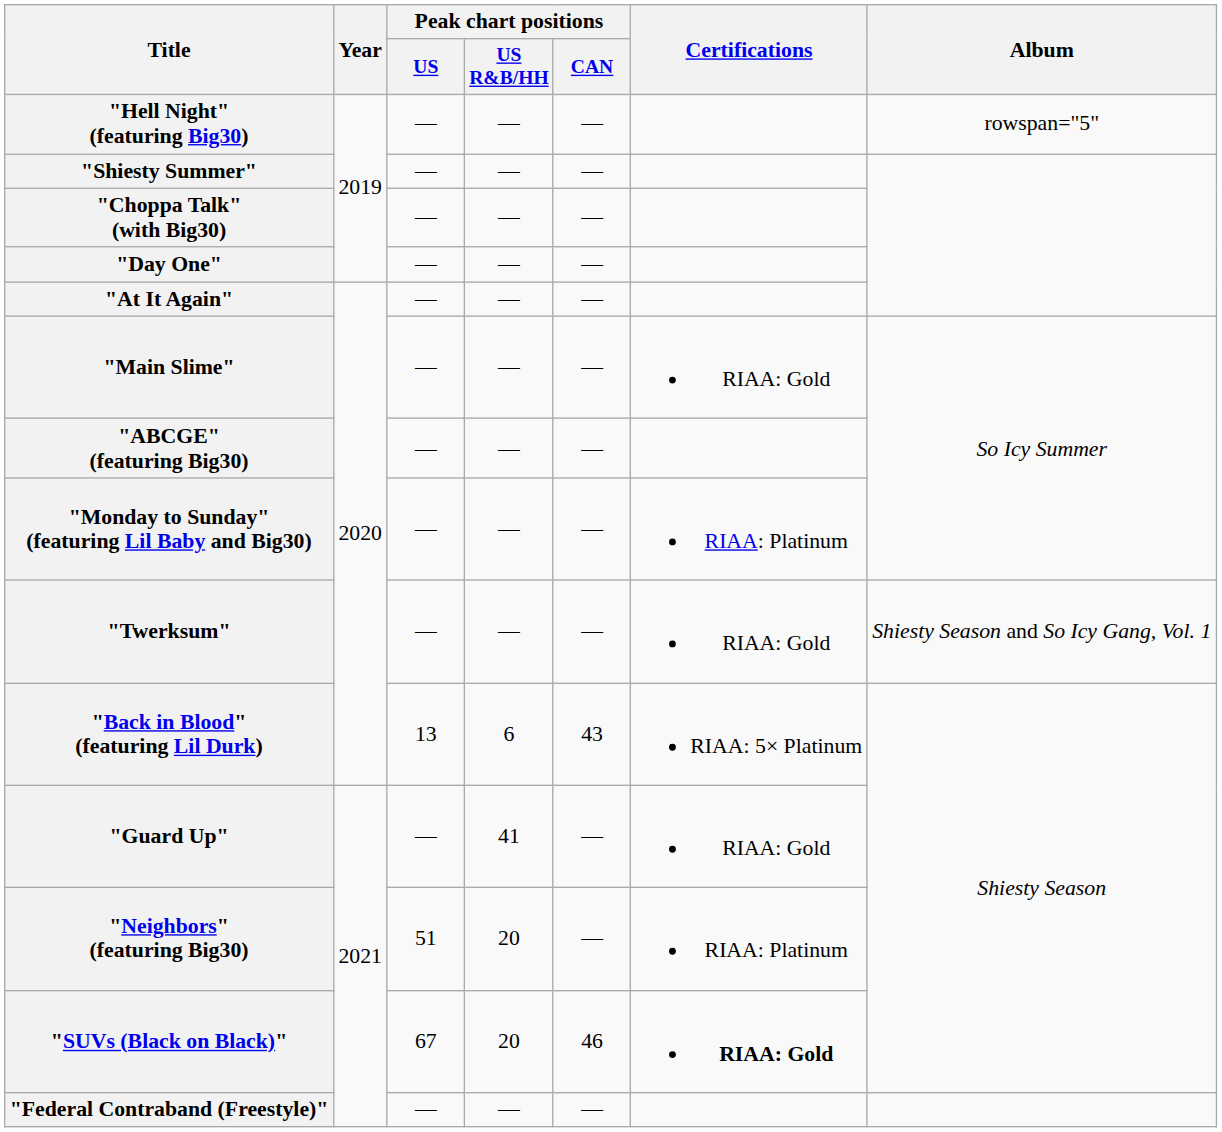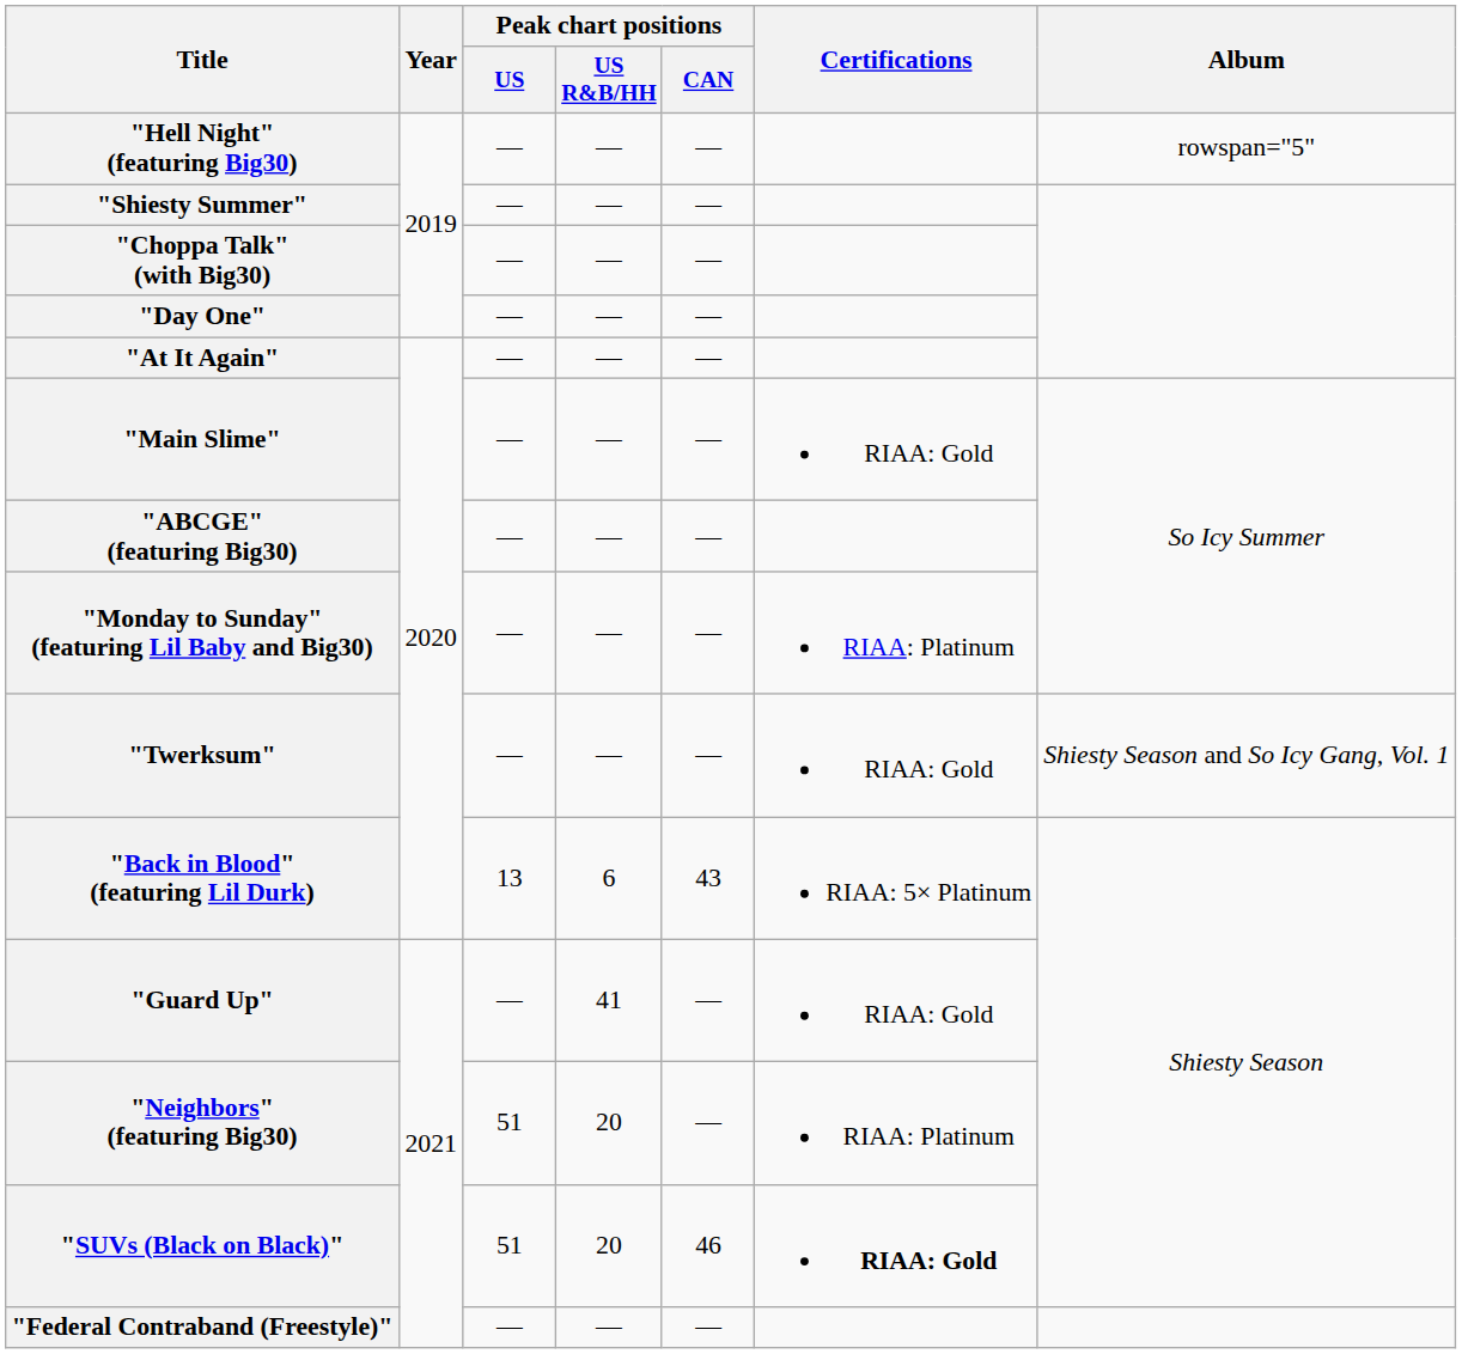 <table class="wikitable plainrowheaders" style="text-align:center;">
 <tr>
 <th scope="col" rowspan="2">Title</th>
 <th scope="col" rowspan="2">Year</th>
 <th colspan="3">Peak chart positions</th>
 <th scope="col" rowspan="2"><a href='#'>Certifications</a></th>
 <th scope="col" rowspan="2">Album</th>
 </tr>
 <tr>
 <th scope="col" style="width:3.5em;font-size:90%;"><a href='#'>US</a><br></th>
 <th scope="col" style="width:3.5em;font-size:90%;"><a href='#'>US<br>R&B/HH</a><br></th>
 <th scope="col" style="width:3.5em;font-size:90%;"><a href='#'>CAN</a><br></th>
 </tr>
 <tr>
 <th scope="row">"Hell Night"<br><span>(featuring <a href='#'>Big30</a>)</span></th>
 <td rowspan="4">2019</td>
 <td>—</td>
 <td>—</td>
 <td>—</td>
 <td></td>
 <td>rowspan="5" </td>
 </tr>
 <tr>
 <th scope="row">"Shiesty Summer"</th>
 <td>—</td>
 <td>—</td>
 <td>—</td>
 <td></td>
 </tr>
 <tr>
 <th scope="row">"Choppa Talk"<br><span>(with Big30)</span></th>
 <td>—</td>
 <td>—</td>
 <td>—</td>
 <td></td>
 </tr>
 <tr>
 <th scope="row">"Day One"</th>
 <td>—</td>
 <td>—</td>
 <td>—</td>
 <td></td>
 </tr>
 <tr>
 <th scope="row">"At It Again"</th>
 <td rowspan="6">2020</td>
 <td>—</td>
 <td>—</td>
 <td>—</td>
 <td></td>
 </tr>
 <tr>
 <th scope="row">"Main Slime"<br></th>
 <td>—</td>
 <td>—</td>
 <td>—</td>
 <td><br><ul><li>RIAA: Gold</li></ul></td>
 <td rowspan="3"><em>So Icy Summer</em></td>
 </tr>
 <tr>
 <th scope="row">"ABCGE"<br><span>(featuring Big30)</span></th>
 <td>—</td>
 <td>—</td>
 <td>—</td>
 <td></td>
 </tr>
 <tr>
 <th scope="row">"Monday to Sunday"<br><span>(featuring <a href='#'>Lil Baby</a> and Big30)</span></th>
 <td>—</td>
 <td>—</td>
 <td>—</td>
 <td><br><ul><li><a href='#'>RIAA</a>: Platinum</li></ul></td>
 </tr>
 <tr>
 <th scope="row">"Twerksum"</th>
 <td>—</td>
 <td>—</td>
 <td>—</td>
 <td><br><ul><li>RIAA: Gold</li></ul></td>
 <td><em>Shiesty Season</em> and <em>So Icy Gang, Vol. 1</em></td>
 </tr>
 <tr>
 <th scope="row">"<a href='#'>Back in Blood</a>"<br><span>(featuring <a href='#'>Lil Durk</a>)</span></th>
 <td>13</td>
 <td>6</td>
 <td>43</td>
 <td><br><ul><li>RIAA: 5× Platinum</li></ul></td>
 <td rowspan="4"><em>Shiesty Season</em></td>
 </tr>
 <tr>
 <th scope="row">"Guard Up"</th>
 <td rowspan="4">2021</td>
 <td>—</td>
 <td>41</td>
 <td>—</td>
 <td><br><ul><li>RIAA: Gold</li></ul></td>
 </tr>
 <tr>
 <th scope="row">"<a href='#'>Neighbors</a>"<br><span>(featuring Big30)</span></th>
 <td>51</td>
 <td>20</td>
 <td>—</td>
 <td><br><ul><li>RIAA: Platinum</li></ul></td>
 </tr>
 <tr>
 <th scope="row">"<a href='#'>SUVs (Black on Black)</a>"<br></th>
-<td>67</td>
+<td>51</td>
 <td>20</td>
 <td>46</td>
 <td><strong><br><ul><li>RIAA: Gold</li></ul></strong></td>
 </tr>
 <tr>
 <th scope="row">"Federal Contraband (Freestyle)"</th>
 <td>—</td>
 <td>—</td>
 <td>—</td>
 <td></td>
 <td></td>
 </tr>
 </table>
